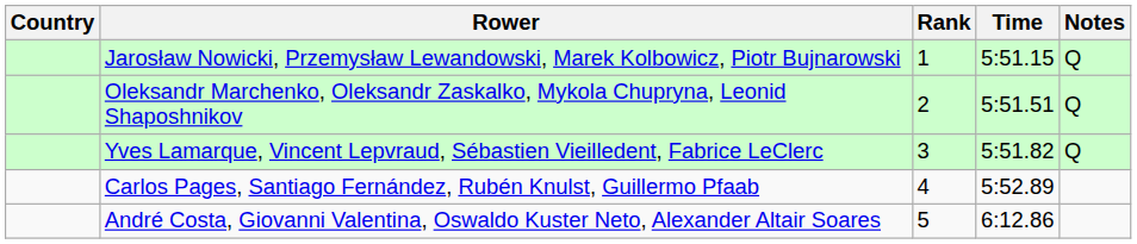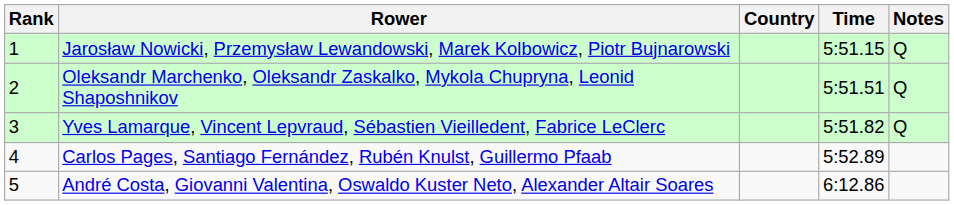 <table class="wikitable sortable" width=65%>
 <tr>
+<th>Rank</th>
+<th>Rower</th>
 <th>Country</th>
-<th>Rower</th>
-<th>Rank</th>
 <th>Time</th>
 <th>Notes</th>
 </tr>
 <tr bgcolor=ccffcc>
+<td>1</td>
+<td><a href='#'>Jarosław Nowicki</a>, <a href='#'>Przemysław Lewandowski</a>, <a href='#'>Marek Kolbowicz</a>, <a href='#'>Piotr Bujnarowski</a></td>
 <td></td>
-<td><a href='#'>Jarosław Nowicki</a>, <a href='#'>Przemysław Lewandowski</a>, <a href='#'>Marek Kolbowicz</a>, <a href='#'>Piotr Bujnarowski</a></td>
-<td>1</td>
 <td>5:51.15</td>
 <td>Q</td>
 </tr>
 <tr bgcolor=ccffcc>
+<td>2</td>
+<td><a href='#'>Oleksandr Marchenko</a>, <a href='#'>Oleksandr Zaskalko</a>, <a href='#'>Mykola Chupryna</a>, <a href='#'>Leonid Shaposhnikov</a></td>
 <td></td>
-<td><a href='#'>Oleksandr Marchenko</a>, <a href='#'>Oleksandr Zaskalko</a>, <a href='#'>Mykola Chupryna</a>, <a href='#'>Leonid Shaposhnikov</a></td>
-<td>2</td>
 <td>5:51.51</td>
 <td>Q</td>
 </tr>
 <tr bgcolor=ccffcc>
+<td>3</td>
+<td><a href='#'>Yves Lamarque</a>, <a href='#'>Vincent Lepvraud</a>, <a href='#'>Sébastien Vieilledent</a>, <a href='#'>Fabrice LeClerc</a></td>
 <td></td>
-<td><a href='#'>Yves Lamarque</a>, <a href='#'>Vincent Lepvraud</a>, <a href='#'>Sébastien Vieilledent</a>, <a href='#'>Fabrice LeClerc</a></td>
-<td>3</td>
 <td>5:51.82</td>
 <td>Q</td>
 </tr>
 <tr>
+<td>4</td>
+<td><a href='#'>Carlos Pages</a>, <a href='#'>Santiago Fernández</a>, <a href='#'>Rubén Knulst</a>, <a href='#'>Guillermo Pfaab</a></td>
 <td></td>
-<td><a href='#'>Carlos Pages</a>, <a href='#'>Santiago Fernández</a>, <a href='#'>Rubén Knulst</a>, <a href='#'>Guillermo Pfaab</a></td>
-<td>4</td>
 <td>5:52.89</td>
 <td></td>
 </tr>
 <tr>
+<td>5</td>
+<td><a href='#'>André Costa</a>, <a href='#'>Giovanni Valentina</a>, <a href='#'>Oswaldo Kuster Neto</a>, <a href='#'>Alexander Altair Soares</a></td>
 <td></td>
-<td><a href='#'>André Costa</a>, <a href='#'>Giovanni Valentina</a>, <a href='#'>Oswaldo Kuster Neto</a>, <a href='#'>Alexander Altair Soares</a></td>
-<td>5</td>
 <td>6:12.86</td>
 <td></td>
 </tr>
 </table>
